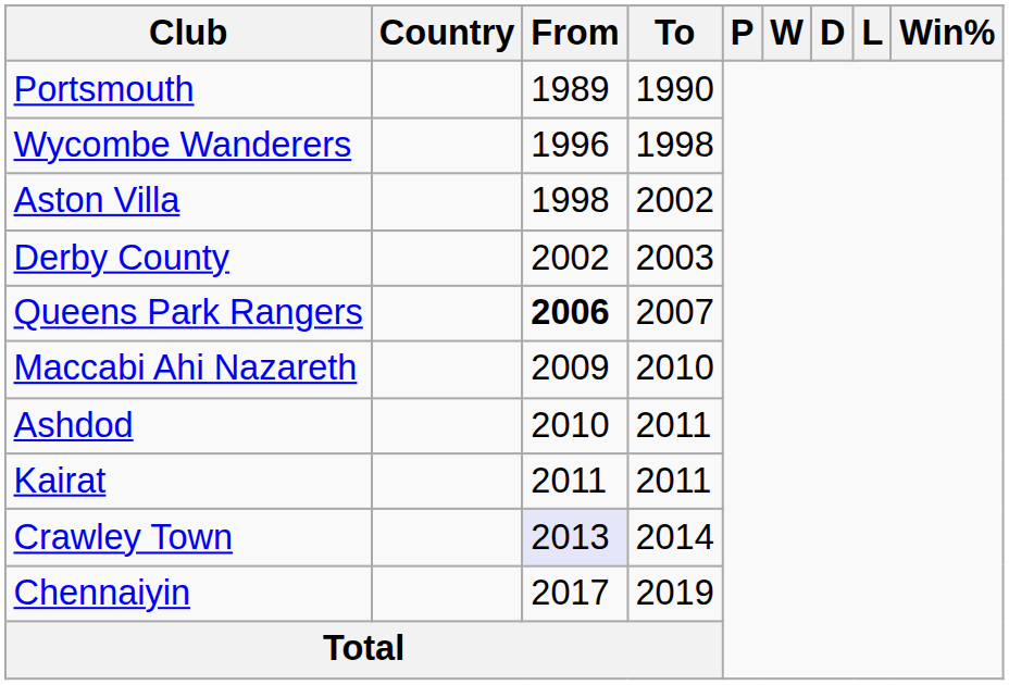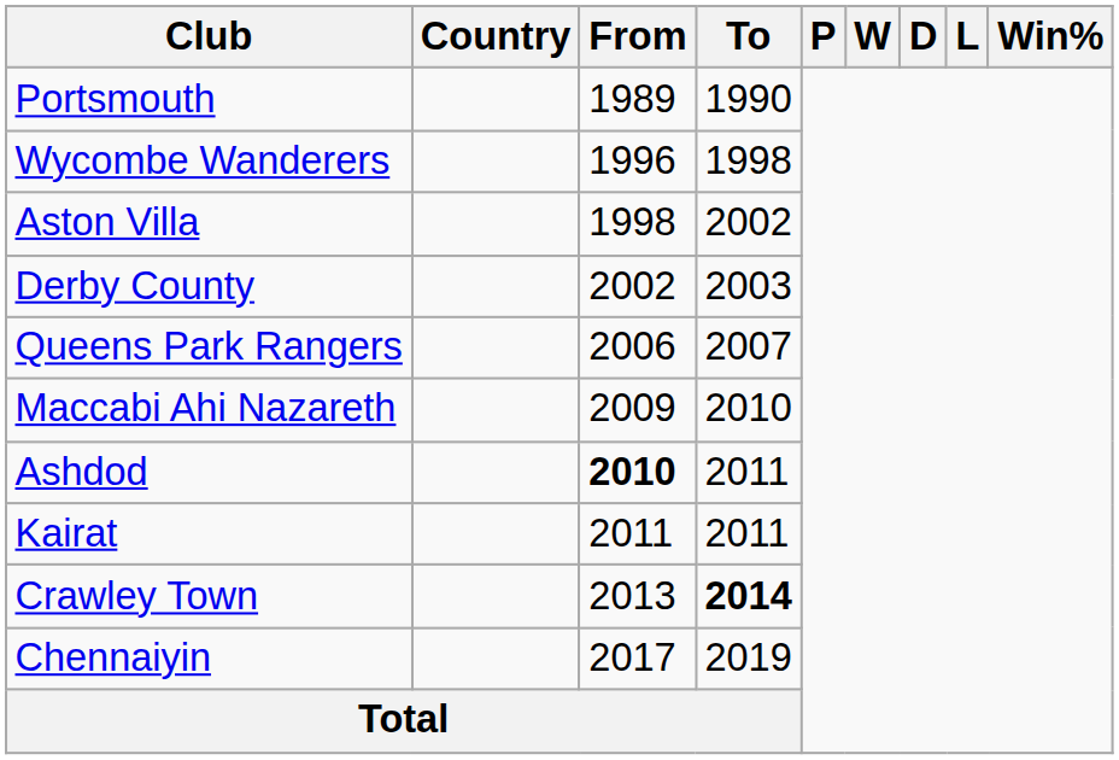 <table class="wikitable plainrowheaders sortable" style="text-align:center">
 <tr>
 <th>Club</th>
 <th>Country</th>
 <th>From</th>
 <th class="unsortable">To</th>
 <th>P</th>
 <th>W</th>
 <th>D</th>
 <th>L</th>
 <th>Win%</th>
 </tr>
 <tr>
 <td scope=row style=text-align:left><a href='#'>Portsmouth</a></td>
 <td align=left></td>
 <td align=left>1989</td>
 <td align=left>1990<br></td>
 </tr>
 <tr>
 <td scope=row style=text-align:left><a href='#'>Wycombe Wanderers</a></td>
 <td align=left></td>
 <td align=left>1996</td>
 <td align=left>1998<br></td>
 </tr>
 <tr>
 <td scope=row style=text-align:left><a href='#'>Aston Villa</a></td>
 <td align=left></td>
 <td align=left>1998</td>
 <td align=left>2002<br></td>
 </tr>
 <tr>
 <td scope=row style=text-align:left><a href='#'>Derby County</a></td>
 <td align=left></td>
 <td align=left>2002</td>
 <td align=left>2003<br></td>
 </tr>
 <tr>
 <td scope=row style=text-align:left><a href='#'>Queens Park Rangers</a></td>
 <td align=left></td>
-<td align=left><strong>2006</strong></td>
+<td align=left>2006</td>
 <td align=left>2007<br></td>
 </tr>
 <tr>
 <td scope=row style=text-align:left><a href='#'>Maccabi Ahi Nazareth</a></td>
 <td align=left></td>
 <td align=left>2009</td>
 <td align=left>2010<br></td>
 </tr>
 <tr>
 <td scope=row style=text-align:left><a href='#'>Ashdod</a></td>
 <td align=left></td>
-<td align=left>2010</td>
+<td align=left><strong>2010</strong></td>
 <td align=left>2011<br></td>
 </tr>
 <tr>
 <td scope=row style=text-align:left><a href='#'>Kairat</a></td>
 <td align=left></td>
 <td align=left>2011</td>
 <td align=left>2011<br></td>
 </tr>
 <tr>
 <td scope=row style=text-align:left><a href='#'>Crawley Town</a></td>
 <td align=left></td>
-<td align=left style="background: lavender;">2013</td>
-<td align=left>2014<br></td>
+<td align=left>2013</td>
+<td align=left><strong>2014<br></strong></td>
 </tr>
 <tr>
 <td scope=row style=text-align:left><a href='#'>Chennaiyin</a></td>
 <td align=left></td>
 <td align=left>2017</td>
 <td align=left>2019<br></td>
 </tr>
 <tr>
 <th colspan="4">Total<br></th>
 </tr>
 </table>
